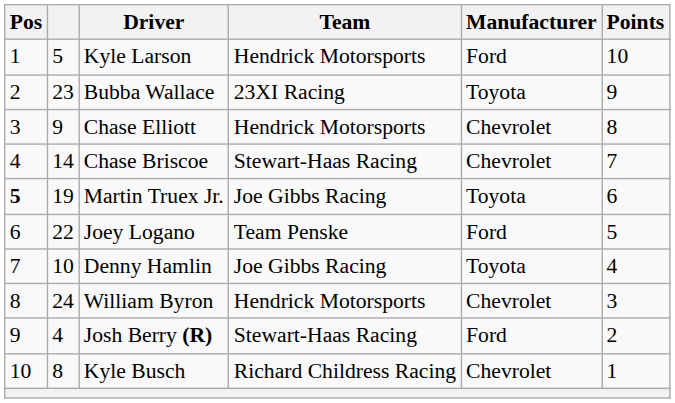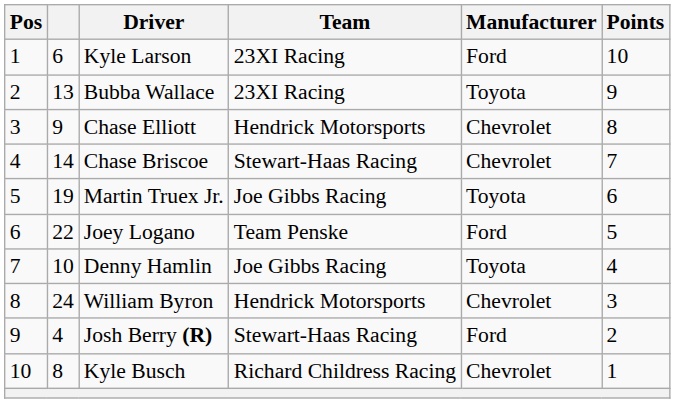 <table class="wikitable" style="font-size:98%">
 <tr>
 <th>Pos</th>
 <th></th>
 <th>Driver</th>
 <th>Team</th>
 <th>Manufacturer</th>
 <th>Points</th>
 </tr>
 <tr>
 <td>1</td>
-<td>5</td>
+<td>6</td>
 <td>Kyle Larson</td>
-<td>Hendrick Motorsports</td>
+<td>23XI Racing</td>
 <td>Ford</td>
 <td>10</td>
 </tr>
 <tr>
 <td>2</td>
-<td>23</td>
+<td>13</td>
 <td>Bubba Wallace</td>
 <td>23XI Racing</td>
 <td>Toyota</td>
 <td>9</td>
 </tr>
 <tr>
 <td>3</td>
 <td>9</td>
 <td>Chase Elliott</td>
 <td>Hendrick Motorsports</td>
 <td>Chevrolet</td>
 <td>8</td>
 </tr>
 <tr>
 <td>4</td>
 <td>14</td>
 <td>Chase Briscoe</td>
 <td>Stewart-Haas Racing</td>
 <td>Chevrolet</td>
 <td>7</td>
 </tr>
 <tr>
-<td><strong>5</strong></td>
+<td>5</td>
 <td>19</td>
 <td>Martin Truex Jr.</td>
 <td>Joe Gibbs Racing</td>
 <td>Toyota</td>
 <td>6</td>
 </tr>
 <tr>
 <td>6</td>
 <td>22</td>
 <td>Joey Logano</td>
 <td>Team Penske</td>
 <td>Ford</td>
 <td>5</td>
 </tr>
 <tr>
 <td>7</td>
 <td>10</td>
 <td>Denny Hamlin</td>
 <td>Joe Gibbs Racing</td>
 <td>Toyota</td>
 <td>4</td>
 </tr>
 <tr>
 <td>8</td>
 <td>24</td>
 <td>William Byron</td>
 <td>Hendrick Motorsports</td>
 <td>Chevrolet</td>
 <td>3</td>
 </tr>
 <tr>
 <td>9</td>
 <td>4</td>
 <td>Josh Berry <strong>(R)</strong></td>
 <td>Stewart-Haas Racing</td>
 <td>Ford</td>
 <td>2</td>
 </tr>
 <tr>
 <td>10</td>
 <td>8</td>
 <td>Kyle Busch</td>
 <td>Richard Childress Racing</td>
 <td>Chevrolet</td>
 <td>1</td>
 </tr>
 <tr>
 <th colspan="6"></th>
 </tr>
 </table>
